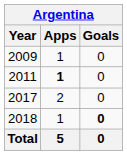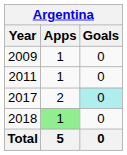 <table class="wikitable" style="text-align:center">
 <tr>
 <th colspan=4><a href='#'>Argentina</a></th>
 </tr>
 <tr>
 <th>Year</th>
 <th>Apps</th>
 <th>Goals</th>
 </tr>
 <tr>
 <td>2009</td>
 <td>1</td>
 <td>0</td>
 </tr>
 <tr>
 <td>2011</td>
-<td><strong>1</strong></td>
+<td>1</td>
 <td>0</td>
 </tr>
 <tr>
 <td>2017</td>
 <td>2</td>
-<td>0</td>
+<td style="background: paleturquoise;">0</td>
 </tr>
 <tr>
 <td>2018</td>
-<td>1</td>
-<td><strong>0</strong></td>
+<td style="background: lightgreen;">1</td>
+<td>0</td>
 </tr>
 <tr>
 <th>Total</th>
 <th>5</th>
 <th>0</th>
 </tr>
 </table>
